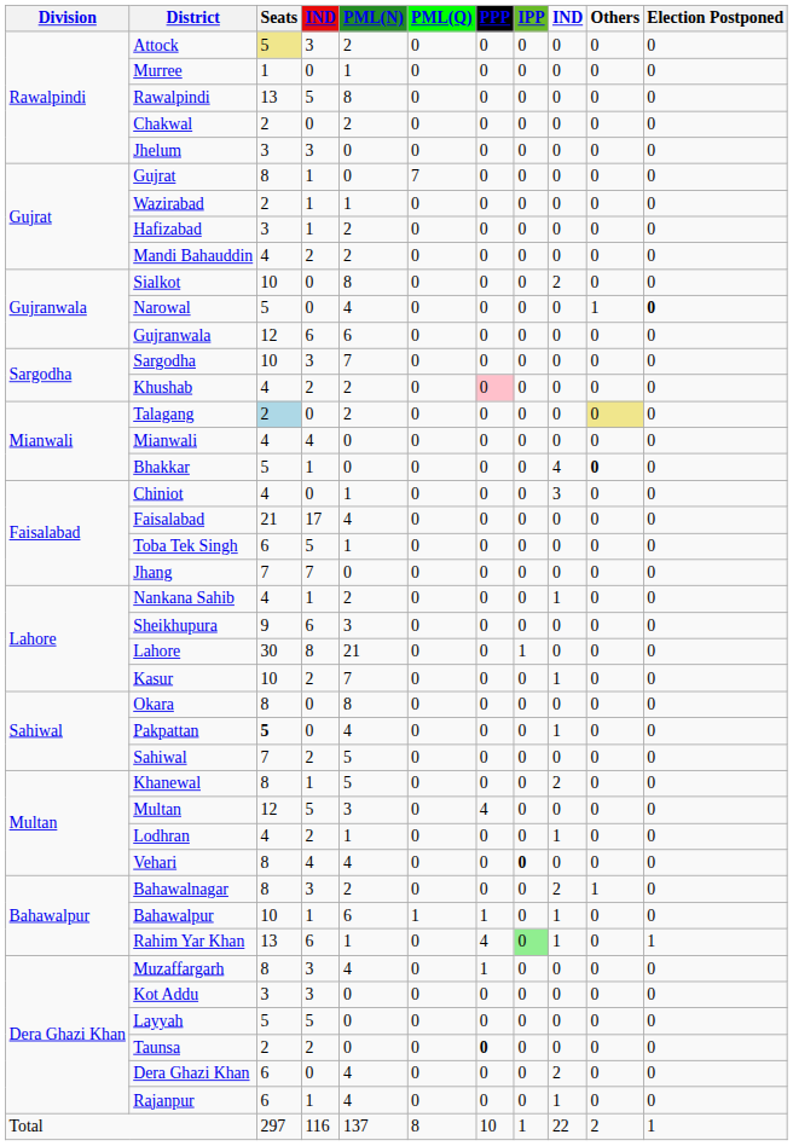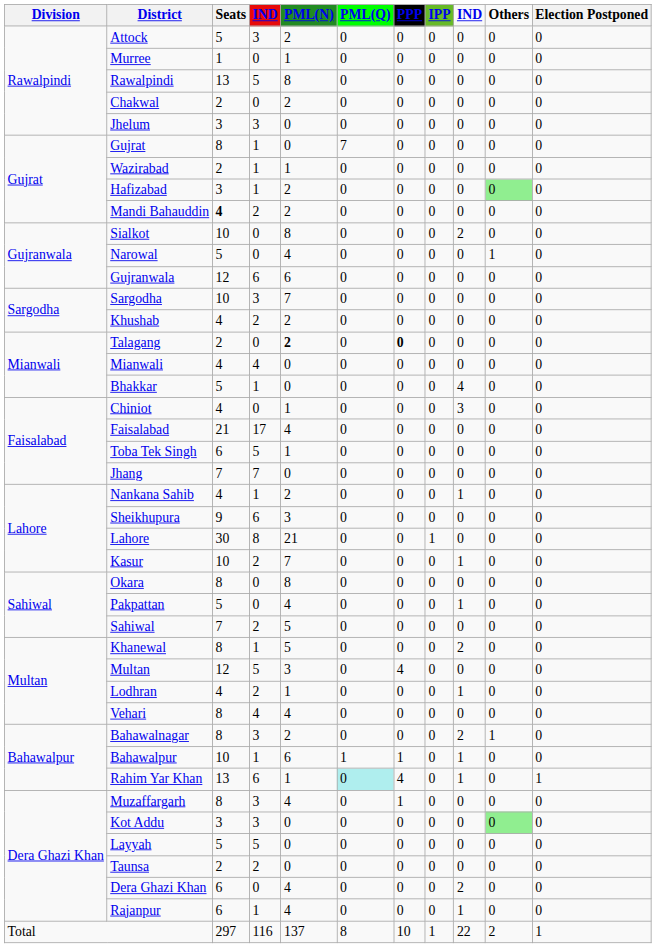 <table class="wikitable sortable">
 <tr>
 <th><a href='#'>Division</a></th>
 <th><a href='#'>District</a></th>
 <th>Seats</th>
 <td style="background:#E70A0A;"><a href='#'><span><strong>IND</strong></span></a> </td>
 <td style="background:#228b22;"><a href='#'><span><strong>PML(N)</strong></span></a></td>
 <td style="background:#00ff00;"><a href='#'><span><strong>PML(Q)</strong></span></a></td>
 <td style="background:#000000;"><a href='#'><span><strong>PPP</strong></span></a></td>
 <td style="background:#67ba27;"><a href='#'><span><strong>IPP</strong></span></a></td>
 <td><a href='#'><span><strong>IND</strong></span></a></td>
 <td><span><strong>Others</strong></span></td>
 <th>Election Postponed</th>
 </tr>
 <tr>
 <td rowspan="5"><a href='#'>Rawalpindi</a></td>
 <td><a href='#'>Attock</a></td>
-<td style="background: khaki;">5</td>
+<td>5</td>
 <td style="background:">3</td>
 <td>2</td>
 <td>0</td>
 <td>0</td>
 <td>0</td>
 <td>0</td>
 <td>0</td>
 <td>0</td>
 </tr>
 <tr>
 <td><a href='#'>Murree</a></td>
 <td>1</td>
 <td>0</td>
 <td style="background:">1</td>
 <td>0</td>
 <td>0</td>
 <td>0</td>
 <td>0</td>
 <td>0</td>
 <td>0</td>
 </tr>
 <tr>
 <td><a href='#'>Rawalpindi</a></td>
 <td>13</td>
 <td>5</td>
 <td style="background:">8</td>
 <td>0</td>
 <td>0</td>
 <td>0</td>
 <td>0</td>
 <td>0</td>
 <td>0</td>
 </tr>
 <tr>
 <td><a href='#'>Chakwal</a></td>
 <td>2</td>
 <td>0</td>
 <td style="background:">2</td>
 <td>0</td>
 <td>0</td>
 <td>0</td>
 <td>0</td>
 <td>0</td>
 <td>0</td>
 </tr>
 <tr>
 <td><a href='#'>Jhelum</a></td>
 <td>3</td>
 <td style="background:">3</td>
 <td>0</td>
 <td>0</td>
 <td>0</td>
 <td>0</td>
 <td>0</td>
 <td>0</td>
 <td>0</td>
 </tr>
 <tr>
 <td rowspan="4"><a href='#'>Gujrat</a></td>
 <td><a href='#'>Gujrat</a></td>
 <td>8</td>
 <td>1</td>
 <td>0</td>
 <td style="background:">7</td>
 <td>0</td>
 <td>0</td>
 <td>0</td>
 <td>0</td>
 <td>0</td>
 </tr>
 <tr>
 <td><a href='#'>Wazirabad</a></td>
 <td>2</td>
 <td>1</td>
 <td>1</td>
 <td>0</td>
 <td>0</td>
 <td>0</td>
 <td>0</td>
 <td>0</td>
 <td>0</td>
 </tr>
 <tr>
 <td><a href='#'>Hafizabad</a></td>
 <td>3</td>
 <td>1</td>
 <td style="background:">2</td>
 <td>0</td>
 <td>0</td>
 <td>0</td>
 <td>0</td>
-<td>0</td>
+<td style="background: lightgreen;">0</td>
 <td>0</td>
 </tr>
 <tr>
 <td><a href='#'>Mandi Bahauddin</a></td>
-<td>4</td>
+<td><strong>4</strong></td>
 <td>2</td>
 <td>2</td>
 <td>0</td>
 <td>0</td>
 <td>0</td>
 <td>0</td>
 <td>0</td>
 <td>0</td>
 </tr>
 <tr>
 <td rowspan="3"><a href='#'>Gujranwala</a></td>
 <td><a href='#'>Sialkot</a></td>
 <td>10</td>
 <td>0</td>
 <td style="background:">8</td>
 <td>0</td>
 <td>0</td>
 <td>0</td>
 <td>2</td>
 <td>0</td>
 <td>0</td>
 </tr>
 <tr>
 <td><a href='#'>Narowal</a></td>
 <td>5</td>
 <td>0</td>
 <td style="background:">4</td>
 <td>0</td>
 <td>0</td>
 <td>0</td>
 <td>0</td>
 <td>1</td>
-<td><strong>0</strong></td>
+<td>0</td>
 </tr>
 <tr>
 <td><a href='#'>Gujranwala</a></td>
 <td>12</td>
 <td>6</td>
 <td>6</td>
 <td>0</td>
 <td>0</td>
 <td>0</td>
 <td>0</td>
 <td>0</td>
 <td>0</td>
 </tr>
 <tr>
 <td rowspan="2"><a href='#'>Sargodha</a></td>
 <td><a href='#'>Sargodha</a></td>
 <td>10</td>
 <td>3</td>
 <td style="background:">7</td>
 <td>0</td>
 <td>0</td>
 <td>0</td>
 <td>0</td>
 <td>0</td>
 <td>0</td>
 </tr>
 <tr>
 <td><a href='#'>Khushab</a></td>
 <td>4</td>
 <td>2</td>
 <td>2</td>
 <td>0</td>
-<td style="background: pink;">0</td>
+<td>0</td>
 <td>0</td>
 <td>0</td>
 <td>0</td>
 <td>0</td>
 </tr>
 <tr>
 <td rowspan="3"><a href='#'>Mianwali</a></td>
 <td><a href='#'>Talagang</a></td>
-<td style="background: lightblue;">2</td>
+<td>2</td>
 <td>0</td>
-<td style="background:">2</td>
+<td style="background:"><strong>2</strong></td>
+<td>0</td>
+<td><strong>0</strong></td>
 <td>0</td>
 <td>0</td>
 <td>0</td>
-<td>0</td>
-<td style="background: khaki;">0</td>
 <td>0</td>
 </tr>
 <tr>
 <td><a href='#'>Mianwali</a></td>
 <td>4</td>
 <td style="background:">4</td>
 <td>0</td>
 <td>0</td>
 <td>0</td>
 <td>0</td>
 <td>0</td>
 <td>0</td>
 <td>0</td>
 </tr>
 <tr>
 <td><a href='#'>Bhakkar</a></td>
 <td>5</td>
 <td>1</td>
 <td>0</td>
 <td>0</td>
 <td>0</td>
 <td>0</td>
 <td style="background:">4</td>
-<td><strong>0</strong></td>
+<td>0</td>
 <td>0</td>
 </tr>
 <tr>
 <td rowspan="4"><a href='#'>Faisalabad</a></td>
 <td><a href='#'>Chiniot</a></td>
 <td>4</td>
 <td>0</td>
 <td>1</td>
 <td>0</td>
 <td>0</td>
 <td>0</td>
 <td style="background:">3</td>
 <td>0</td>
 <td>0</td>
 </tr>
 <tr>
 <td><a href='#'>Faisalabad</a></td>
 <td>21</td>
 <td style="background:">17</td>
 <td>4</td>
 <td>0</td>
 <td>0</td>
 <td>0</td>
 <td>0</td>
 <td>0</td>
 <td>0</td>
 </tr>
 <tr>
 <td><a href='#'>Toba Tek Singh</a></td>
 <td>6</td>
 <td style="background:">5</td>
 <td>1</td>
 <td>0</td>
 <td>0</td>
 <td>0</td>
 <td>0</td>
 <td>0</td>
 <td>0</td>
 </tr>
 <tr>
 <td><a href='#'>Jhang</a></td>
 <td>7</td>
 <td style="background:">7</td>
 <td>0</td>
 <td>0</td>
 <td>0</td>
 <td>0</td>
 <td>0</td>
 <td>0</td>
 <td>0</td>
 </tr>
 <tr>
 <td rowspan="4"><a href='#'>Lahore</a></td>
 <td><a href='#'>Nankana Sahib</a></td>
 <td>4</td>
 <td>1</td>
 <td style="background:">2</td>
 <td>0</td>
 <td>0</td>
 <td>0</td>
 <td>1</td>
 <td>0</td>
 <td>0</td>
 </tr>
 <tr>
 <td><a href='#'>Sheikhupura</a></td>
 <td>9</td>
 <td style="background:">6</td>
 <td>3</td>
 <td>0</td>
 <td>0</td>
 <td>0</td>
 <td>0</td>
 <td>0</td>
 <td>0</td>
 </tr>
 <tr>
 <td><a href='#'>Lahore</a></td>
 <td>30</td>
 <td>8</td>
 <td style="background:">21</td>
 <td>0</td>
 <td>0</td>
 <td>1</td>
 <td>0</td>
 <td>0</td>
 <td>0</td>
 </tr>
 <tr>
 <td><a href='#'>Kasur</a></td>
 <td>10</td>
 <td>2</td>
 <td style="background:">7</td>
 <td>0</td>
 <td>0</td>
 <td>0</td>
 <td>1</td>
 <td>0</td>
 <td>0</td>
 </tr>
 <tr>
 <td rowspan="3"><a href='#'>Sahiwal</a></td>
 <td><a href='#'>Okara</a></td>
 <td>8</td>
 <td>0</td>
 <td style="background:">8</td>
 <td>0</td>
 <td>0</td>
 <td>0</td>
 <td>0</td>
 <td>0</td>
 <td>0</td>
 </tr>
 <tr>
 <td><a href='#'>Pakpattan</a></td>
-<td><strong>5</strong></td>
+<td>5</td>
 <td>0</td>
 <td style="background:">4</td>
 <td>0</td>
 <td>0</td>
 <td>0</td>
 <td>1</td>
 <td>0</td>
 <td>0</td>
 </tr>
 <tr>
 <td><a href='#'>Sahiwal</a></td>
 <td>7</td>
 <td>2</td>
 <td style="background:">5</td>
 <td>0</td>
 <td>0</td>
 <td>0</td>
 <td>0</td>
 <td>0</td>
 <td>0</td>
 </tr>
 <tr>
 <td rowspan="4"><a href='#'>Multan</a></td>
 <td><a href='#'>Khanewal</a></td>
 <td>8</td>
 <td>1</td>
 <td style="background:">5</td>
 <td>0</td>
 <td>0</td>
 <td>0</td>
 <td>2</td>
 <td>0</td>
 <td>0</td>
 </tr>
 <tr>
 <td><a href='#'>Multan</a></td>
 <td>12</td>
 <td style="background:">5</td>
 <td>3</td>
 <td>0</td>
 <td>4</td>
 <td>0</td>
 <td>0</td>
 <td>0</td>
 <td>0</td>
 </tr>
 <tr>
 <td><a href='#'>Lodhran</a></td>
 <td>4</td>
 <td style="background:">2</td>
 <td>1</td>
 <td>0</td>
 <td>0</td>
 <td>0</td>
 <td>1</td>
 <td>0</td>
 <td>0</td>
 </tr>
 <tr>
 <td><a href='#'>Vehari</a></td>
 <td>8</td>
 <td>4</td>
 <td>4</td>
 <td>0</td>
 <td>0</td>
-<td><strong>0</strong></td>
+<td>0</td>
 <td>0</td>
 <td>0</td>
 <td>0</td>
 </tr>
 <tr>
 <td rowspan="3"><a href='#'>Bahawalpur</a></td>
 <td><a href='#'>Bahawalnagar</a></td>
 <td>8</td>
 <td style="background:">3</td>
 <td>2</td>
 <td>0</td>
 <td>0</td>
 <td>0</td>
 <td>2</td>
 <td>1</td>
 <td>0</td>
 </tr>
 <tr>
 <td><a href='#'>Bahawalpur</a></td>
 <td>10</td>
 <td>1</td>
 <td style="background:">6</td>
 <td>1</td>
 <td>1</td>
 <td>0</td>
 <td>1</td>
 <td>0</td>
 <td>0</td>
 </tr>
 <tr>
 <td><a href='#'>Rahim Yar Khan</a></td>
 <td>13</td>
 <td style="background:">6</td>
 <td>1</td>
+<td style="background: paleturquoise;">0</td>
+<td>4</td>
 <td>0</td>
-<td>4</td>
-<td style="background: lightgreen;">0</td>
 <td>1</td>
 <td>0</td>
 <td>1</td>
 </tr>
 <tr>
 <td rowspan="6"><a href='#'>Dera Ghazi Khan</a></td>
 <td><a href='#'>Muzaffargarh</a></td>
 <td>8</td>
 <td>3</td>
 <td style="background:">4</td>
 <td>0</td>
 <td>1</td>
 <td>0</td>
 <td>0</td>
 <td>0</td>
 <td>0</td>
 </tr>
 <tr>
 <td><a href='#'>Kot Addu</a></td>
 <td>3</td>
 <td style="background:">3</td>
 <td>0</td>
 <td>0</td>
 <td>0</td>
 <td>0</td>
 <td>0</td>
-<td>0</td>
+<td style="background: lightgreen;">0</td>
 <td>0</td>
 </tr>
 <tr>
 <td><a href='#'>Layyah</a></td>
 <td>5</td>
 <td style="background:">5</td>
 <td>0</td>
 <td>0</td>
 <td>0</td>
 <td>0</td>
 <td>0</td>
 <td>0</td>
 <td>0</td>
 </tr>
 <tr>
 <td><a href='#'>Taunsa</a></td>
 <td>2</td>
 <td style="background:">2</td>
 <td>0</td>
 <td>0</td>
-<td><strong>0</strong></td>
+<td>0</td>
 <td>0</td>
 <td>0</td>
 <td>0</td>
 <td>0</td>
 </tr>
 <tr>
 <td><a href='#'>Dera Ghazi Khan</a></td>
 <td>6</td>
 <td>0</td>
 <td style="background:">4</td>
 <td>0</td>
 <td>0</td>
 <td>0</td>
 <td>2</td>
 <td>0</td>
 <td>0</td>
 </tr>
 <tr>
 <td><a href='#'>Rajanpur</a></td>
 <td>6</td>
 <td>1</td>
 <td style="background:">4</td>
 <td>0</td>
 <td>0</td>
 <td>0</td>
 <td>1</td>
 <td>0</td>
 <td>0</td>
 </tr>
 <tr>
 <td colspan="2">Total</td>
 <td>297</td>
 <td>116</td>
 <td>137</td>
 <td>8</td>
 <td>10</td>
 <td>1</td>
 <td>22</td>
 <td>2</td>
 <td>1</td>
 </tr>
 </table>
